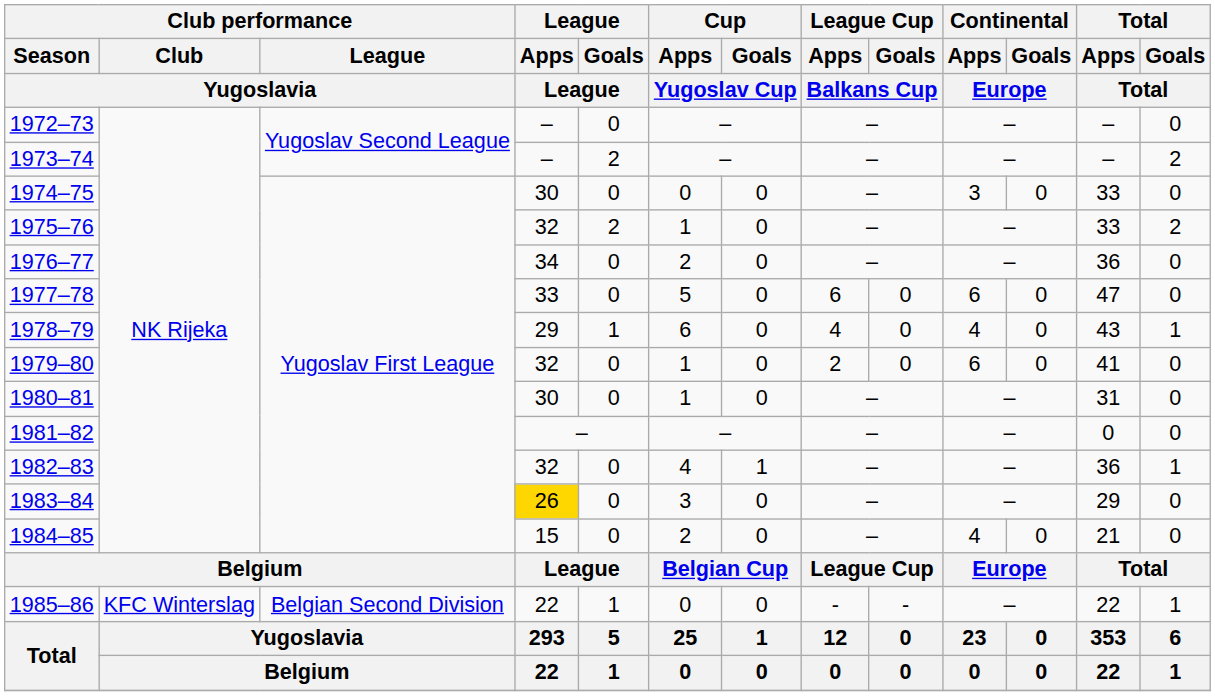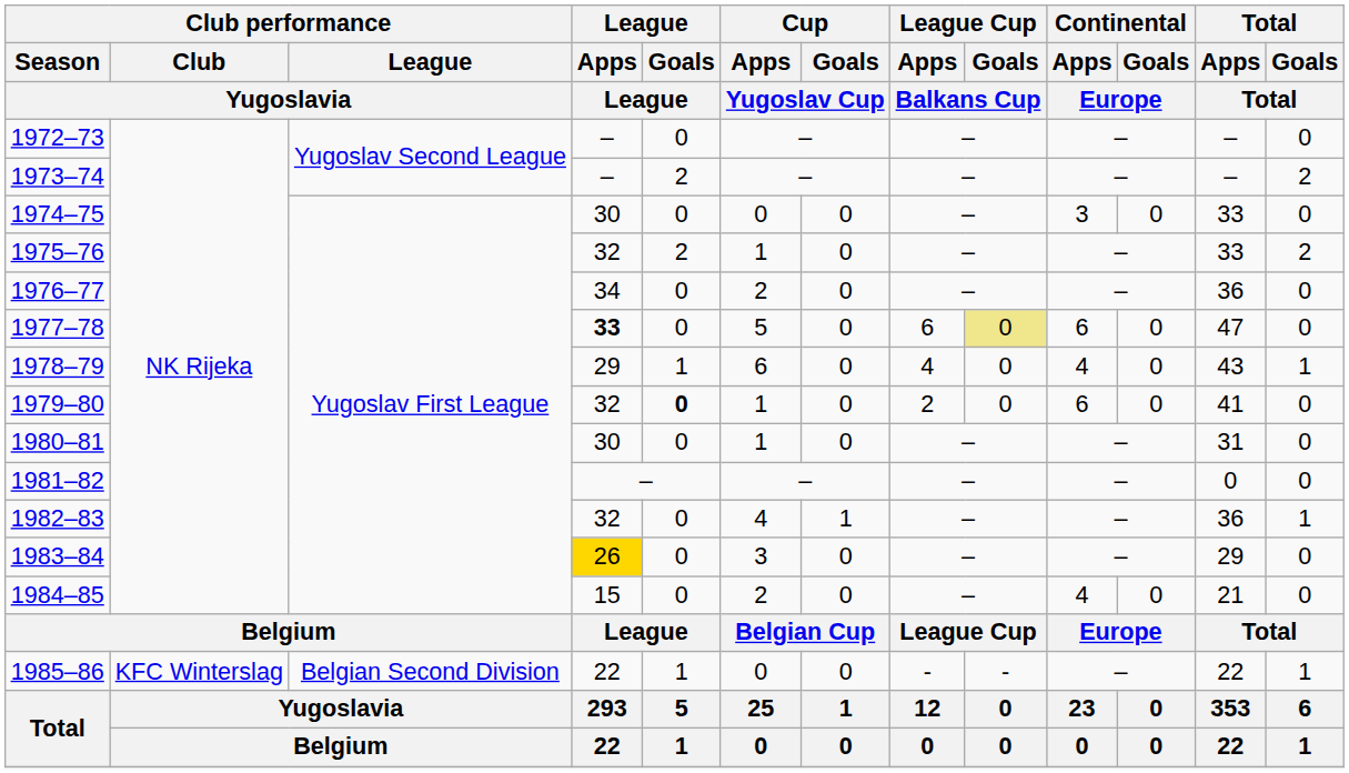 <table class="wikitable" style="text-align:center;">
 <tr>
 <th colspan=3>Club performance</th>
 <th colspan=2>League</th>
 <th colspan=2>Cup</th>
 <th colspan=2>League Cup</th>
 <th colspan=2>Continental</th>
 <th colspan=2>Total</th>
 </tr>
 <tr>
 <th>Season</th>
 <th>Club</th>
 <th>League</th>
 <th>Apps</th>
 <th>Goals</th>
 <th>Apps</th>
 <th>Goals</th>
 <th>Apps</th>
 <th>Goals</th>
 <th>Apps</th>
 <th>Goals</th>
 <th>Apps</th>
 <th>Goals</th>
 </tr>
 <tr>
 <th colspan=3>Yugoslavia</th>
 <th colspan=2>League</th>
 <th colspan=2><a href='#'>Yugoslav Cup</a></th>
 <th colspan=2><a href='#'>Balkans Cup</a></th>
 <th colspan=2><a href='#'>Europe</a></th>
 <th colspan=2>Total</th>
 </tr>
 <tr>
 <td><a href='#'>1972–73</a></td>
 <td rowspan="13"><a href='#'>NK Rijeka</a></td>
 <td rowspan="2"><a href='#'>Yugoslav Second League</a></td>
 <td>–</td>
 <td>0</td>
 <td colspan="2">–</td>
 <td colspan="2">–</td>
 <td colspan="2">–</td>
 <td>–</td>
 <td>0</td>
 </tr>
 <tr>
 <td><a href='#'>1973–74</a></td>
 <td>–</td>
 <td>2</td>
 <td colspan="2">–</td>
 <td colspan="2">–</td>
 <td colspan="2">–</td>
 <td>–</td>
 <td>2</td>
 </tr>
 <tr>
 <td><a href='#'>1974–75</a></td>
 <td rowspan="11"><a href='#'>Yugoslav First League</a></td>
 <td>30</td>
 <td>0</td>
 <td>0</td>
 <td>0</td>
 <td colspan="2">–</td>
 <td>3</td>
 <td>0</td>
 <td>33</td>
 <td>0</td>
 </tr>
 <tr>
 <td><a href='#'>1975–76</a></td>
 <td>32</td>
 <td>2</td>
 <td>1</td>
 <td>0</td>
 <td colspan="2">–</td>
 <td colspan="2">–</td>
 <td>33</td>
 <td>2</td>
 </tr>
 <tr>
 <td><a href='#'>1976–77</a></td>
 <td>34</td>
 <td>0</td>
 <td>2</td>
 <td>0</td>
 <td colspan="2">–</td>
 <td colspan="2">–</td>
 <td>36</td>
 <td>0</td>
 </tr>
 <tr>
 <td><a href='#'>1977–78</a></td>
-<td>33</td>
+<td><strong>33</strong></td>
 <td>0</td>
 <td>5</td>
 <td>0</td>
 <td>6</td>
-<td>0</td>
+<td style="background: khaki;">0</td>
 <td>6</td>
 <td>0</td>
 <td>47</td>
 <td>0</td>
 </tr>
 <tr>
 <td><a href='#'>1978–79</a></td>
 <td>29</td>
 <td>1</td>
 <td>6</td>
 <td>0</td>
 <td>4</td>
 <td>0</td>
 <td>4</td>
 <td>0</td>
 <td>43</td>
 <td>1</td>
 </tr>
 <tr>
 <td><a href='#'>1979–80</a></td>
 <td>32</td>
-<td>0</td>
+<td><strong>0</strong></td>
 <td>1</td>
 <td>0</td>
 <td>2</td>
 <td>0</td>
 <td>6</td>
 <td>0</td>
 <td>41</td>
 <td>0</td>
 </tr>
 <tr>
 <td><a href='#'>1980–81</a></td>
 <td>30</td>
 <td>0</td>
 <td>1</td>
 <td>0</td>
 <td colspan="2">–</td>
 <td colspan="2">–</td>
 <td>31</td>
 <td>0</td>
 </tr>
 <tr>
 <td><a href='#'>1981–82</a></td>
 <td colspan="2">–</td>
 <td colspan="2">–</td>
 <td colspan="2">–</td>
 <td colspan="2">–</td>
 <td>0</td>
 <td>0</td>
 </tr>
 <tr>
 <td><a href='#'>1982–83</a></td>
 <td>32</td>
 <td>0</td>
 <td>4</td>
 <td>1</td>
 <td colspan="2">–</td>
 <td colspan="2">–</td>
 <td>36</td>
 <td>1</td>
 </tr>
 <tr>
 <td><a href='#'>1983–84</a></td>
 <td style="background: gold;">26</td>
 <td>0</td>
 <td>3</td>
 <td>0</td>
 <td colspan="2">–</td>
 <td colspan="2">–</td>
 <td>29</td>
 <td>0</td>
 </tr>
 <tr>
 <td><a href='#'>1984–85</a></td>
 <td>15</td>
 <td>0</td>
 <td>2</td>
 <td>0</td>
 <td colspan="2">–</td>
 <td>4</td>
 <td>0</td>
 <td>21</td>
 <td>0</td>
 </tr>
 <tr>
 <th colspan=3>Belgium</th>
 <th colspan=2>League</th>
 <th colspan=2><a href='#'>Belgian Cup</a></th>
 <th colspan=2>League Cup</th>
 <th colspan=2><a href='#'>Europe</a></th>
 <th colspan=2>Total</th>
 </tr>
 <tr>
 <td><a href='#'>1985–86</a></td>
 <td rowspan="1"><a href='#'>KFC Winterslag</a></td>
 <td rowspan="1"><a href='#'>Belgian Second Division</a></td>
 <td>22</td>
 <td>1</td>
 <td>0</td>
 <td>0</td>
 <td>-</td>
 <td>-</td>
 <td colspan="2">–</td>
 <td>22</td>
 <td>1</td>
 </tr>
 <tr>
 <th rowspan=2>Total</th>
 <th colspan=2>Yugoslavia</th>
 <th>293</th>
 <th>5</th>
 <th>25</th>
 <th>1</th>
 <th>12</th>
 <th>0</th>
 <th>23</th>
 <th>0</th>
 <th>353</th>
 <th>6</th>
 </tr>
 <tr>
 <th colspan=2>Belgium</th>
 <th>22</th>
 <th>1</th>
 <th>0</th>
 <th>0</th>
 <th>0</th>
 <th>0</th>
 <th>0</th>
 <th>0</th>
 <th>22</th>
 <th>1</th>
 </tr>
 <tr>
 </tr>
 </table>
